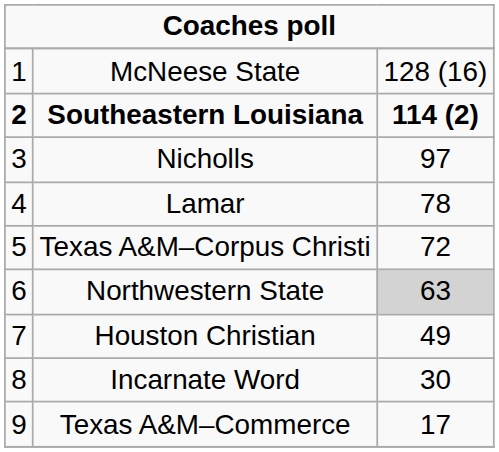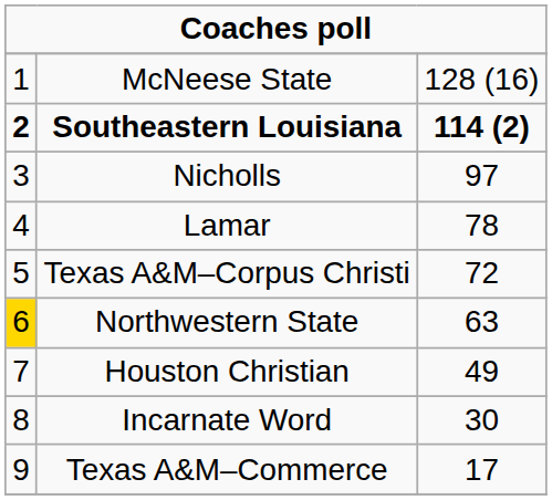 <table class="wikitable">
 <tr align="center">
 <td align="center" Colspan="3"><strong>Coaches poll</strong></td>
 </tr>
 <tr align="center">
 </tr>
 <tr align="center">
 <td>1</td>
 <td>McNeese State</td>
 <td>128 (16)</td>
 </tr>
 <tr align="center">
 <td><strong>2</strong></td>
 <td><strong>Southeastern Louisiana</strong></td>
 <td><strong>114 (2)</strong></td>
 </tr>
 <tr align="center">
 <td>3</td>
 <td>Nicholls</td>
 <td>97</td>
 </tr>
 <tr align="center">
 <td>4</td>
 <td>Lamar</td>
 <td>78</td>
 </tr>
 <tr align="center">
 <td>5</td>
 <td>Texas A&M–Corpus Christi</td>
 <td>72</td>
 </tr>
 <tr align="center">
-<td>6</td>
+<td style="background: gold;">6</td>
 <td>Northwestern State</td>
-<td style="background: lightgrey;">63</td>
+<td>63</td>
 </tr>
 <tr align="center">
 <td>7</td>
 <td>Houston Christian</td>
 <td>49</td>
 </tr>
 <tr align="center">
 <td>8</td>
 <td>Incarnate Word</td>
 <td>30</td>
 </tr>
 <tr align="center">
 <td>9</td>
 <td>Texas A&M–Commerce</td>
 <td>17</td>
 </tr>
 <tr align="center">
 </tr>
 </table>
